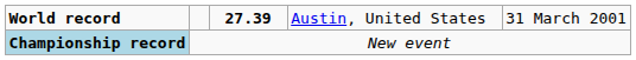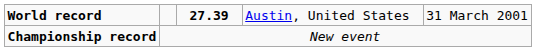 <table class="wikitable">
 <tr>
 <td><strong>World record</strong></td>
 <td style="padding-right:1em"></td>
 <td style="text-align:center;padding-left:1em; padding-right:1em;"><strong>27.39</strong></td>
 <td style="padding-right:1em"><a href='#'>Austin</a>, United States</td>
 <td align=right>31 March 2001</td>
 </tr>
 <tr>
-<td style="background: lightblue;"><strong>Championship record</strong></td>
+<td><strong>Championship record</strong></td>
 <td colspan="5" style="text-align:center;"><em>New event</em></td>
 </tr>
 </table>
